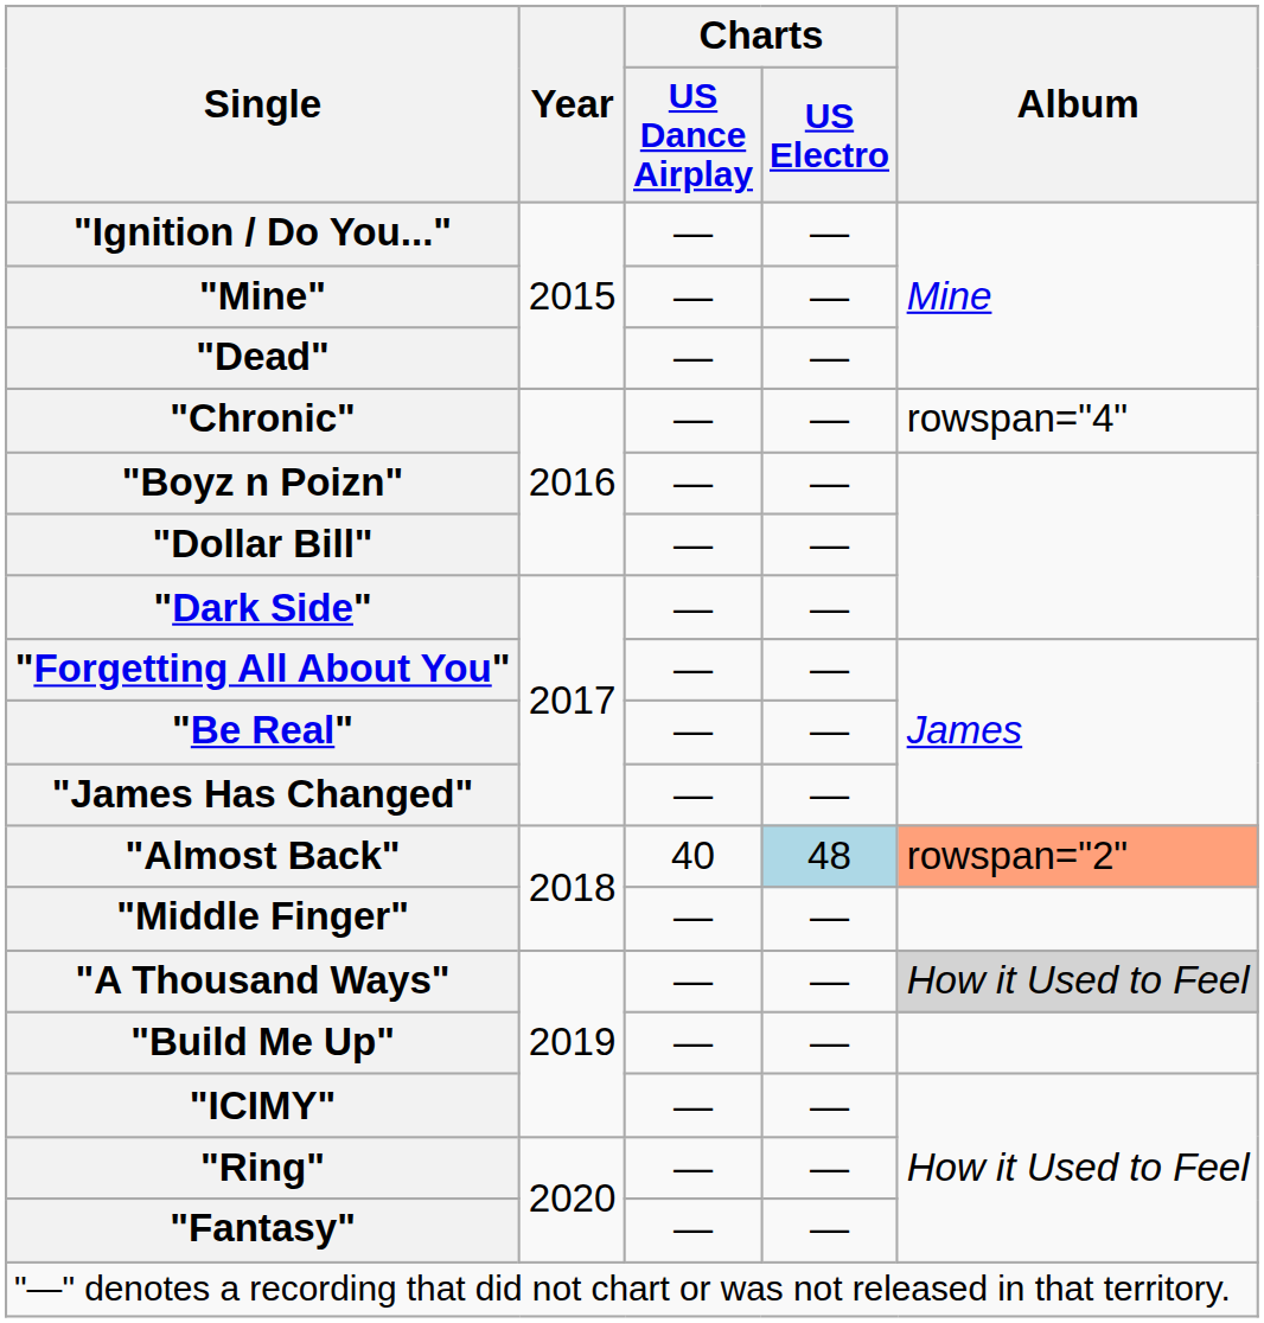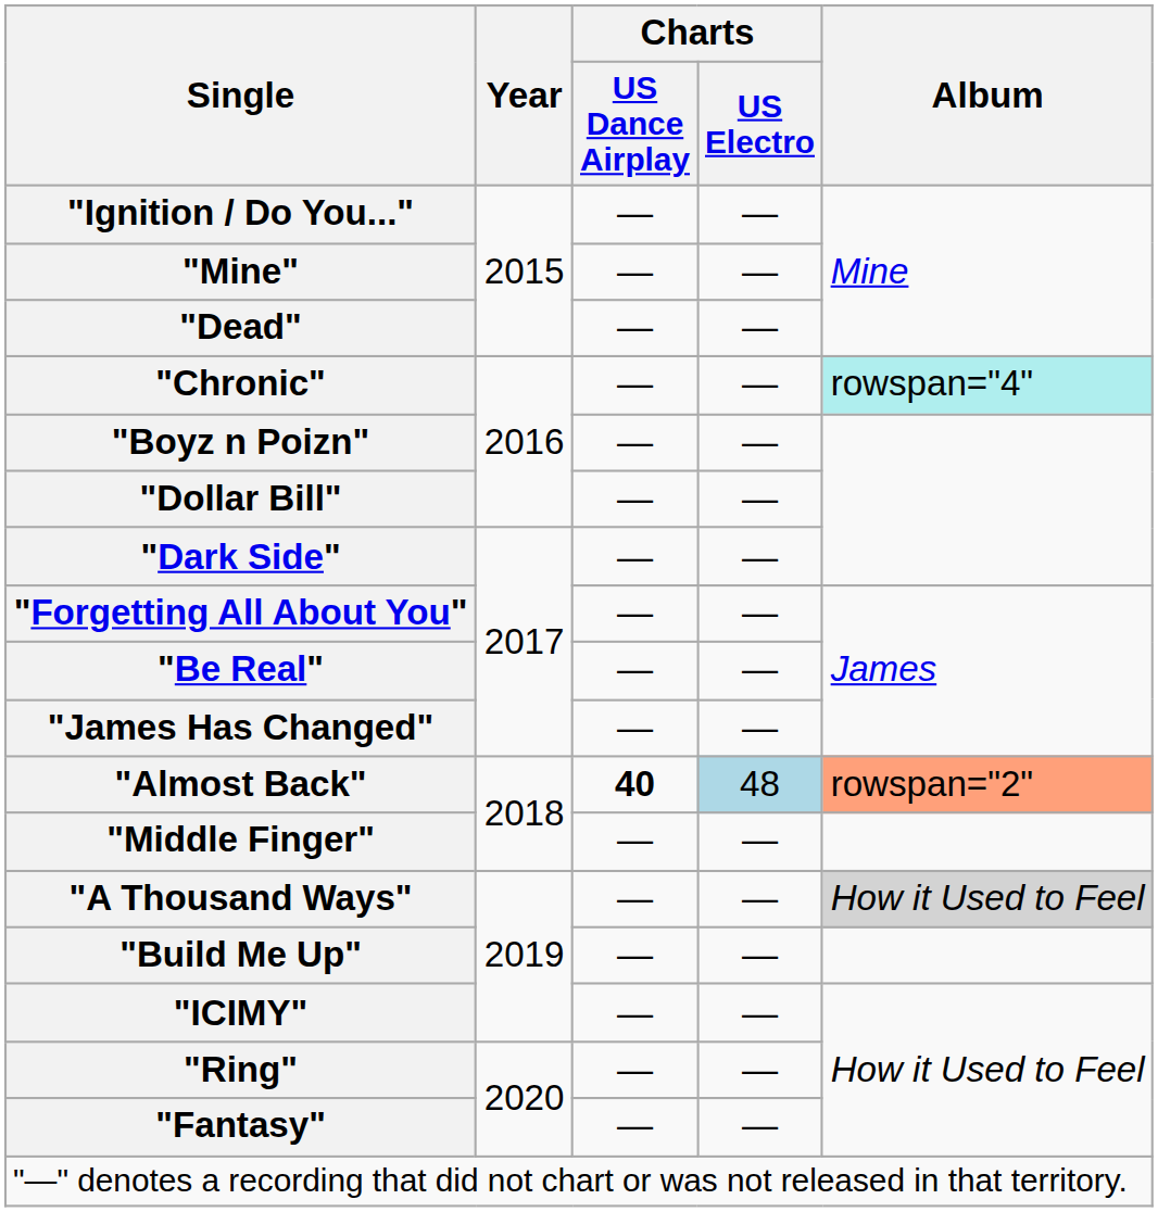 <table class="wikitable plainrowheaders">
 <tr>
 <th rowspan="2">Single</th>
 <th rowspan="2">Year</th>
 <th colspan="2">Charts</th>
 <th rowspan="2">Album</th>
 </tr>
 <tr>
 <th scope="col" style="width:2.5em;font-size:90%;"><a href='#'>US</a><br><a href='#'>Dance</a><br><a href='#'>Airplay</a><br></th>
 <th scope="col" style="width:2.5em;font-size:90%;"><a href='#'>US</a><br><a href='#'>Electro</a><br></th>
 </tr>
 <tr>
 <th scope="row">"Ignition / Do You..."</th>
 <td rowspan="3">2015</td>
 <td align="center">—</td>
 <td align="center">—</td>
 <td rowspan="3"><em><a href='#'>Mine</a></em></td>
 </tr>
 <tr>
 <th scope="row">"Mine"</th>
 <td align="center">—</td>
 <td align="center">—</td>
 </tr>
 <tr>
 <th scope="row">"Dead"</th>
 <td align="center">—</td>
 <td align="center">—</td>
 </tr>
 <tr>
 <th scope="row">"Chronic"</th>
 <td rowspan="3">2016</td>
 <td align="center">—</td>
 <td align="center">—</td>
-<td>rowspan="4" </td>
+<td style="background: paleturquoise;">rowspan="4" </td>
 </tr>
 <tr>
 <th scope="row">"Boyz n Poizn"</th>
 <td align="center">—</td>
 <td align="center">—</td>
 </tr>
 <tr>
 <th scope="row">"Dollar Bill" </th>
 <td align="center">—</td>
 <td align="center">—</td>
 </tr>
 <tr>
 <th scope="row">"<a href='#'>Dark Side</a>"</th>
 <td rowspan="4">2017</td>
 <td align="center">—</td>
 <td align="center">—</td>
 </tr>
 <tr>
 <th scope="row">"<a href='#'>Forgetting All About You</a>" </th>
 <td align="center">—</td>
 <td align="center">—</td>
 <td rowspan="3"><a href='#'><em>James</em></a></td>
 </tr>
 <tr>
 <th scope="row">"<a href='#'>Be Real</a>"</th>
 <td align="center">—</td>
 <td align="center">—</td>
 </tr>
 <tr>
 <th scope="row">"James Has Changed"</th>
 <td align="center">—</td>
 <td align="center">—</td>
 </tr>
 <tr>
 <th scope="row">"Almost Back"<br></th>
 <td rowspan="2">2018</td>
-<td align="center">40</td>
+<td align="center"><strong>40</strong></td>
 <td align="center" style="background: lightblue;">48</td>
 <td style="background: lightsalmon;">rowspan="2" </td>
 </tr>
 <tr>
 <th scope="row">"Middle Finger"<br></th>
 <td align="center">—</td>
 <td align="center">—</td>
 </tr>
 <tr>
 <th scope="row">"A Thousand Ways"</th>
 <td rowspan="3">2019</td>
 <td align="center">—</td>
 <td align="center">—</td>
 <td style="background: lightgrey;"><em>How it Used to Feel</em></td>
 </tr>
 <tr>
 <th scope="row">"Build Me Up"</th>
 <td align="center">—</td>
 <td align="center">—</td>
 <td></td>
 </tr>
 <tr>
 <th scope="row">"ICIMY"</th>
 <td align="center">—</td>
 <td align="center">—</td>
 <td rowspan="3"><em>How it Used to Feel</em></td>
 </tr>
 <tr>
 <th scope="row">"Ring"</th>
 <td rowspan="2">2020</td>
 <td align="center">—</td>
 <td align="center">—</td>
 </tr>
 <tr>
 <th scope="row">"Fantasy"</th>
 <td align="center">—</td>
 <td align="center">—</td>
 </tr>
 <tr>
 <td colspan="15" style="font-size:90%">"—" denotes a recording that did not chart or was not released in that territory.</td>
 </tr>
 </table>
